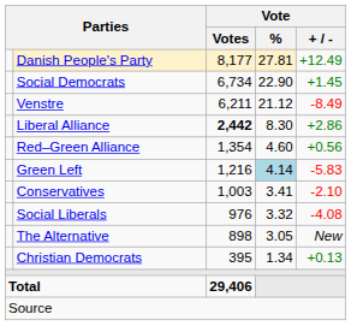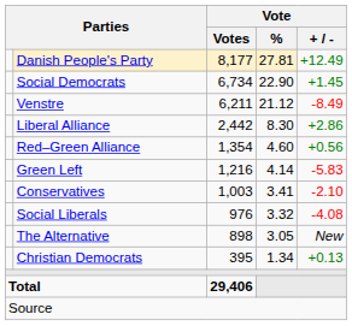 <table class="wikitable" style="text-align:right;">
 <tr>
 <th style="text-align:centre;" rowspan="2" colspan="2" width="225">Parties</th>
 <th colspan="3">Vote</th>
 </tr>
 <tr>
 <th width="15">Votes</th>
 <th width="15">%</th>
 <th width="15">+ / -</th>
 </tr>
 <tr>
 <td width="2" style="color:inherit;background:"></td>
 <td bgcolor=#fef2cc  align="left"><a href='#'>Danish People's Party</a></td>
 <td bgcolor=#fef2cc>8,177</td>
 <td bgcolor=#fef2cc>27.81</td>
 <td style=color:green;>+12.49</td>
 </tr>
 <tr>
 <td width="2" style="color:inherit;background:"></td>
 <td align="left"><a href='#'>Social Democrats</a></td>
 <td>6,734</td>
 <td>22.90</td>
 <td style=color:green;>+1.45</td>
 </tr>
 <tr>
 <td width="2" style="color:inherit;background:"></td>
 <td align="left"><a href='#'>Venstre</a></td>
 <td>6,211</td>
 <td>21.12</td>
 <td style=color:red;>-8.49</td>
 </tr>
 <tr>
 <td width="2" style="color:inherit;background:"></td>
 <td align="left"><a href='#'>Liberal Alliance</a></td>
-<td><strong>2,442</strong></td>
+<td>2,442</td>
 <td>8.30</td>
 <td style=color:green;>+2.86</td>
 </tr>
 <tr>
 <td width="2" style="color:inherit;background:"></td>
 <td align="left"><a href='#'>Red–Green Alliance</a></td>
 <td>1,354</td>
 <td>4.60</td>
 <td style=color:green;>+0.56</td>
 </tr>
 <tr>
 <td width="2" style="color:inherit;background:"></td>
 <td align="left"><a href='#'>Green Left</a></td>
 <td>1,216</td>
-<td style="background: lightblue;">4.14</td>
+<td>4.14</td>
 <td style=color:red;>-5.83</td>
 </tr>
 <tr>
 <td width="2" style="color:inherit;background:"></td>
 <td align="left"><a href='#'>Conservatives</a></td>
 <td>1,003</td>
 <td>3.41</td>
 <td style=color:red;>-2.10</td>
 </tr>
 <tr>
 <td width="2" style="color:inherit;background:"></td>
 <td align="left"><a href='#'>Social Liberals</a></td>
 <td>976</td>
 <td>3.32</td>
 <td style=color:red;>-4.08</td>
 </tr>
 <tr>
 <td width="2" style="color:inherit;background:"></td>
 <td align="left"><a href='#'>The Alternative</a></td>
 <td>898</td>
 <td>3.05</td>
 <td><em>New</em></td>
 </tr>
 <tr>
 <td width="2" style="color:inherit;background:"></td>
 <td align="left"><a href='#'>Christian Democrats</a></td>
 <td>395</td>
 <td>1.34</td>
 <td style=color:green;>+0.13</td>
 </tr>
 <tr>
 <td colspan="7" bgcolor="#E9E9E9"></td>
 </tr>
 <tr>
 <td align="left" colspan="2"><strong>Total</strong></td>
 <td><strong>29,406</strong></td>
 <td bgcolor="#E9E9E9" colspan="2"></td>
 </tr>
 <tr>
 <td align="left" colspan="6">Source</td>
 </tr>
 </table>
